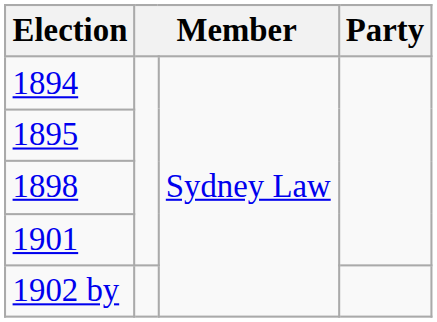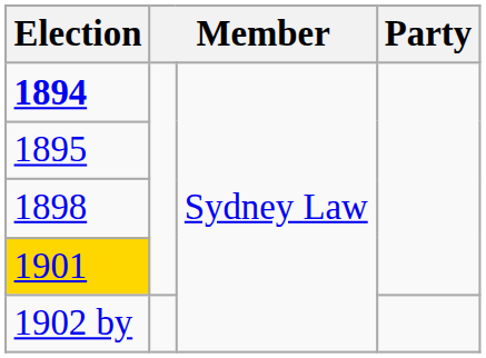 <table class="wikitable">
 <tr>
 <th>Election</th>
 <th colspan="2">Member</th>
 <th>Party</th>
 </tr>
 <tr>
-<td><a href='#'>1894</a></td>
+<td><strong><a href='#'>1894</a></strong></td>
 <td rowspan="4" > </td>
 <td rowspan="5"><a href='#'>Sydney Law</a></td>
 <td rowspan="4"></td>
 </tr>
 <tr>
 <td><a href='#'>1895</a></td>
 </tr>
 <tr>
 <td><a href='#'>1898</a></td>
 </tr>
 <tr>
-<td><a href='#'>1901</a></td>
+<td style="background: gold;"><a href='#'>1901</a></td>
 </tr>
 <tr>
 <td><a href='#'>1902 by</a></td>
 <td> </td>
 <td></td>
 </tr>
 </table>
